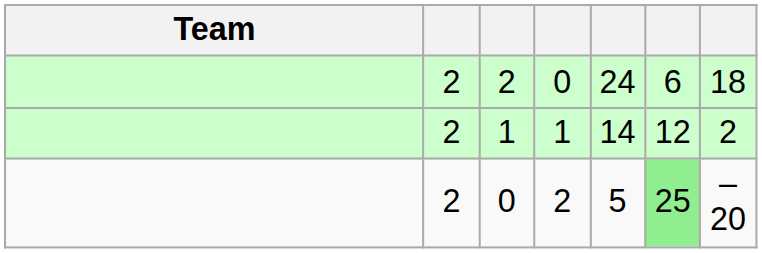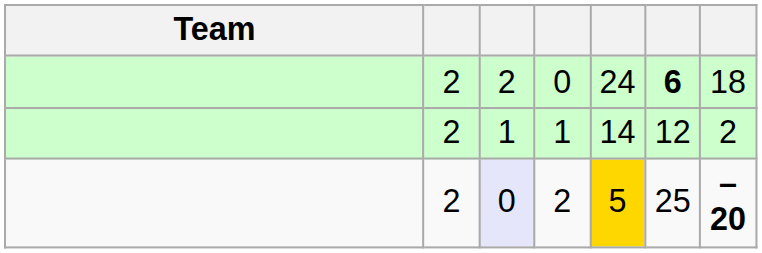 <table class=wikitable style="text-align:center">
 <tr>
 <th width=200>Team</th>
 <th width=20></th>
 <th width=20></th>
 <th width=20></th>
 <th width=20></th>
 <th width=20></th>
 <th width=20></th>
 </tr>
 <tr bgcolor=ccffcc>
 <td style="text-align:left"></td>
 <td>2</td>
 <td>2</td>
 <td>0</td>
 <td>24</td>
-<td>6</td>
+<td><strong>6</strong></td>
 <td>18</td>
 </tr>
 <tr bgcolor=ccffcc>
 <td style="text-align:left"></td>
 <td>2</td>
 <td>1</td>
 <td>1</td>
 <td>14</td>
 <td>12</td>
 <td>2</td>
 </tr>
 <tr>
 <td style="text-align:left"></td>
 <td>2</td>
-<td>0</td>
+<td style="background: lavender;">0</td>
 <td>2</td>
-<td>5</td>
-<td style="background: lightgreen;">25</td>
-<td>–20</td>
+<td style="background: gold;">5</td>
+<td>25</td>
+<td><strong>–20</strong></td>
 </tr>
 </table>
